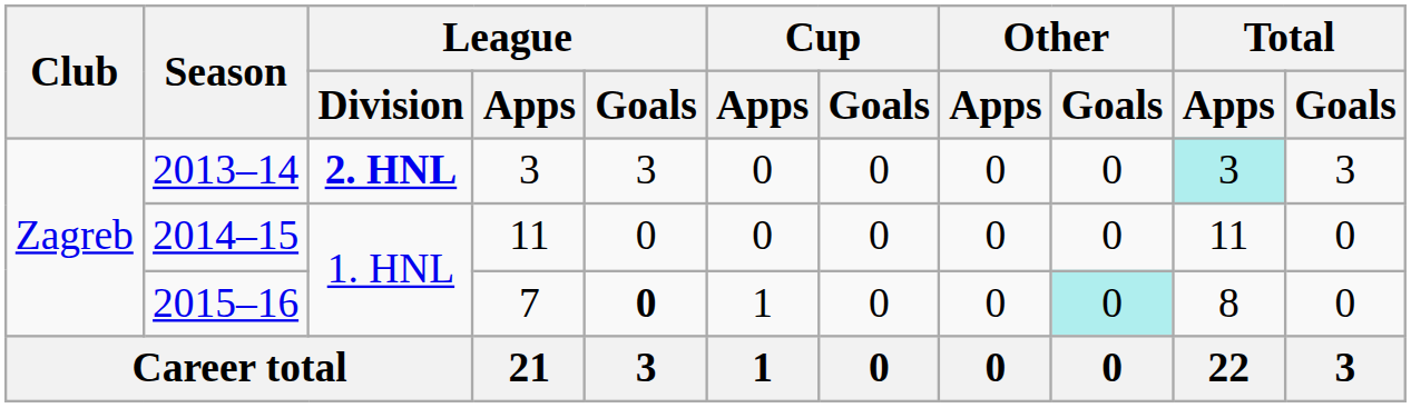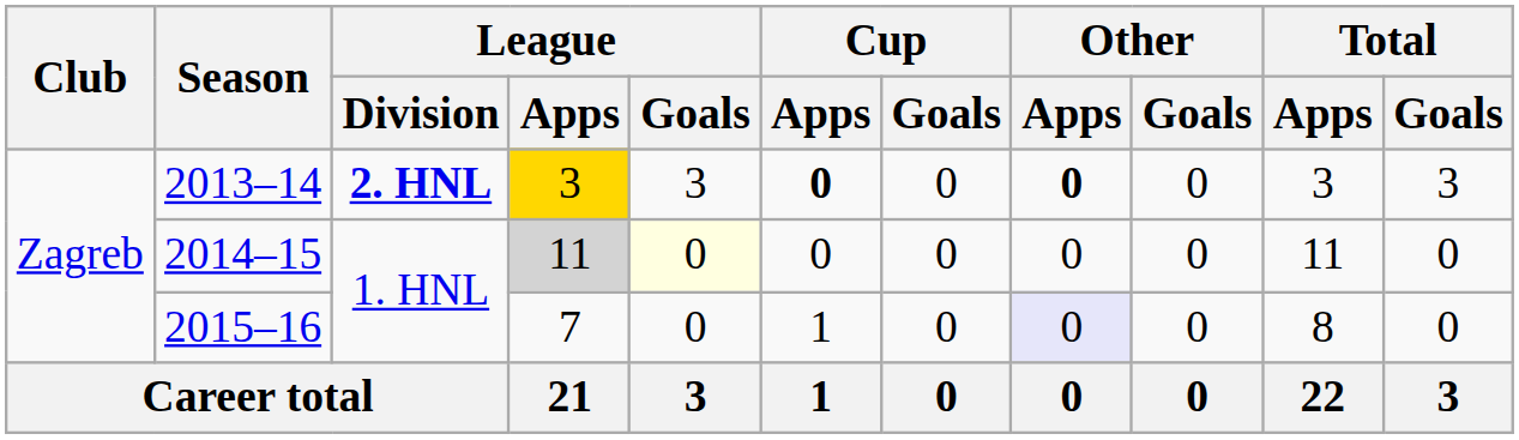 <table class="wikitable" style="text-align: center">
 <tr>
 <th rowspan="2">Club</th>
 <th rowspan="2">Season</th>
 <th colspan="3">League</th>
 <th colspan="2">Cup</th>
 <th colspan="2">Other</th>
 <th colspan="2">Total</th>
 </tr>
 <tr>
 <th>Division</th>
 <th>Apps</th>
 <th>Goals</th>
 <th>Apps</th>
 <th>Goals</th>
 <th>Apps</th>
 <th>Goals</th>
 <th>Apps</th>
 <th>Goals</th>
 </tr>
 <tr>
 <td rowspan="3"><a href='#'>Zagreb</a></td>
 <td><a href='#'>2013–14</a></td>
 <td><strong><a href='#'>2. HNL</a></strong></td>
+<td style="background: gold;">3</td>
 <td>3</td>
+<td><strong>0</strong></td>
+<td>0</td>
+<td><strong>0</strong></td>
+<td>0</td>
 <td>3</td>
-<td>0</td>
-<td>0</td>
-<td>0</td>
-<td>0</td>
-<td style="background: paleturquoise;">3</td>
 <td>3</td>
 </tr>
 <tr>
 <td><a href='#'>2014–15</a></td>
 <td rowspan="2"><a href='#'>1. HNL</a></td>
-<td>11</td>
-<td>0</td>
+<td style="background: lightgrey;">11</td>
+<td style="background: lightyellow;">0</td>
 <td>0</td>
 <td>0</td>
 <td>0</td>
 <td>0</td>
 <td>11</td>
 <td>0</td>
 </tr>
 <tr>
 <td><a href='#'>2015–16</a></td>
 <td>7</td>
-<td><strong>0</strong></td>
+<td>0</td>
 <td>1</td>
 <td>0</td>
+<td style="background: lavender;">0</td>
 <td>0</td>
-<td style="background: paleturquoise;">0</td>
 <td>8</td>
 <td>0</td>
 </tr>
 <tr>
 <th colspan=3>Career total</th>
 <th>21</th>
 <th>3</th>
 <th>1</th>
 <th>0</th>
 <th>0</th>
 <th>0</th>
 <th>22</th>
 <th>3</th>
 </tr>
 </table>
